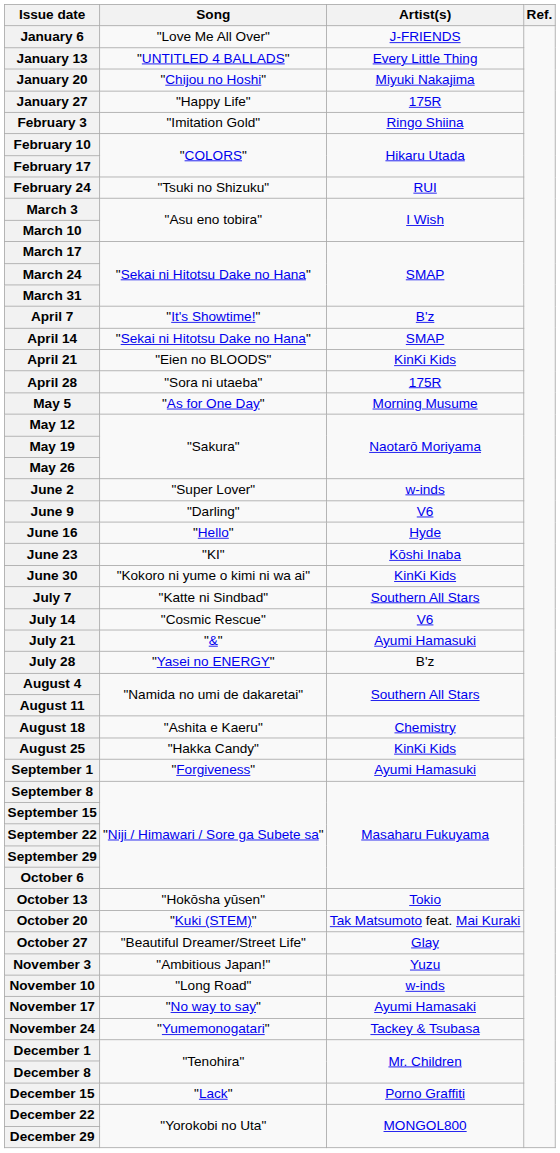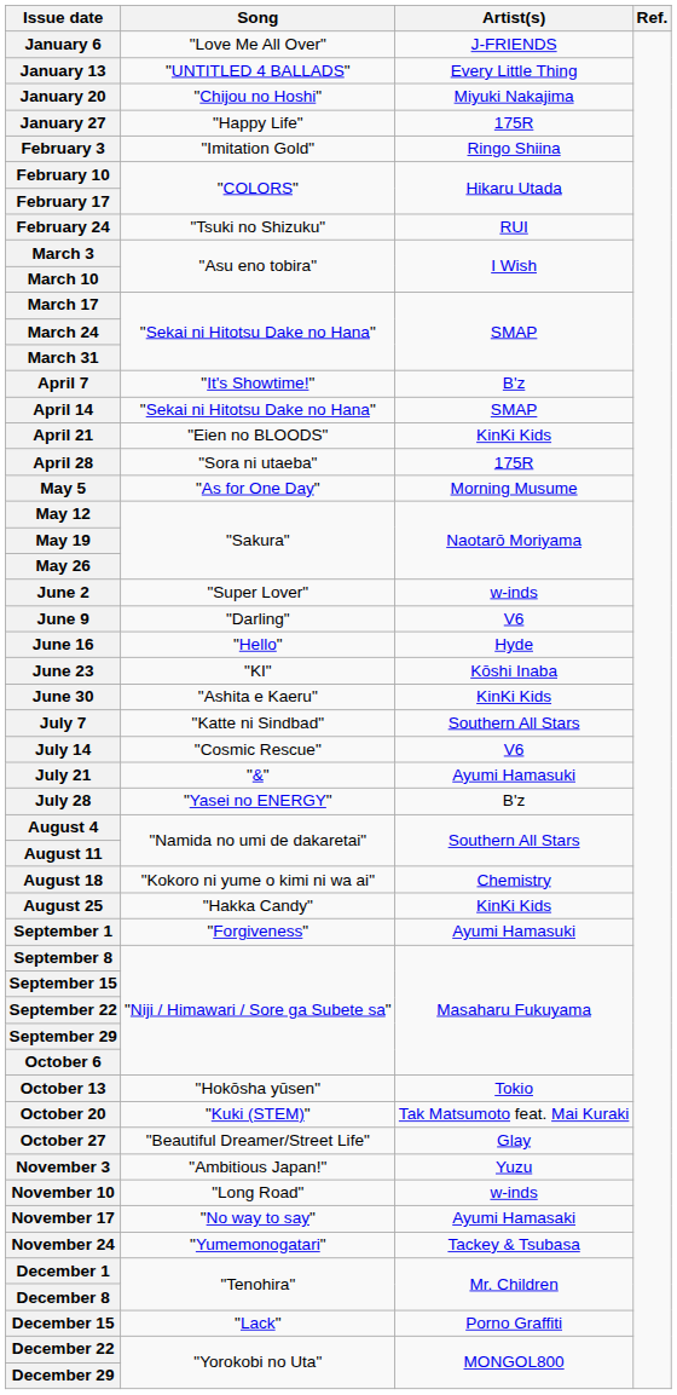 <table class="wikitable plainrowheaders" style="text-align: center">
 <tr>
 <th>Issue date</th>
 <th>Song</th>
 <th>Artist(s)</th>
 <th>Ref.</th>
 </tr>
 <tr>
 <th scope="row">January 6</th>
 <td>"Love Me All Over"</td>
 <td><a href='#'>J-FRIENDS</a></td>
 <td rowspan="53"></td>
 </tr>
 <tr>
 <th scope="row">January 13</th>
 <td>"<a href='#'>UNTITLED 4 BALLADS</a>"</td>
 <td><a href='#'>Every Little Thing</a></td>
 </tr>
 <tr>
 <th scope="row">January 20</th>
 <td>"<a href='#'>Chijou no Hoshi</a>"</td>
 <td><a href='#'>Miyuki Nakajima</a></td>
 </tr>
 <tr>
 <th scope="row">January 27</th>
 <td>"Happy Life"</td>
 <td><a href='#'>175R</a></td>
 </tr>
 <tr>
 <th scope="row">February 3</th>
 <td>"Imitation Gold"</td>
 <td><a href='#'>Ringo Shiina</a></td>
 </tr>
 <tr>
 <th scope="row">February 10</th>
 <td rowspan="2">"<a href='#'>COLORS</a>"</td>
 <td rowspan="2"><a href='#'>Hikaru Utada</a></td>
 </tr>
 <tr>
 <th scope="row">February 17</th>
 </tr>
 <tr>
 <th scope="row">February 24</th>
 <td>"Tsuki no Shizuku"</td>
 <td><a href='#'>RUI</a></td>
 </tr>
 <tr>
 <th scope="row">March 3</th>
 <td rowspan="2">"Asu eno tobira"</td>
 <td rowspan="2"><a href='#'>I Wish</a></td>
 </tr>
 <tr>
 <th scope="row">March 10</th>
 </tr>
 <tr>
 <th scope="row">March 17</th>
 <td rowspan="3">"<a href='#'>Sekai ni Hitotsu Dake no Hana</a>"</td>
 <td rowspan="3"><a href='#'>SMAP</a></td>
 </tr>
 <tr>
 <th scope="row">March 24</th>
 </tr>
 <tr>
 <th scope="row">March 31</th>
 </tr>
 <tr>
 <th scope="row">April 7</th>
 <td>"<a href='#'>It's Showtime!</a>"</td>
 <td><a href='#'>B'z</a></td>
 </tr>
 <tr>
 <th scope="row">April 14</th>
 <td>"<a href='#'>Sekai ni Hitotsu Dake no Hana</a>"</td>
 <td><a href='#'>SMAP</a></td>
 </tr>
 <tr>
 <th scope="row">April 21</th>
 <td>"Eien no BLOODS"</td>
 <td><a href='#'>KinKi Kids</a></td>
 </tr>
 <tr>
 <th scope="row">April 28</th>
 <td>"Sora ni utaeba"</td>
 <td><a href='#'>175R</a></td>
 </tr>
 <tr>
 <th scope="row">May 5</th>
 <td>"<a href='#'>As for One Day</a>"</td>
 <td><a href='#'>Morning Musume</a></td>
 </tr>
 <tr>
 <th scope="row">May 12</th>
 <td rowspan="3">"Sakura"</td>
 <td rowspan="3"><a href='#'>Naotarō Moriyama</a></td>
 </tr>
 <tr>
 <th scope="row">May 19</th>
 </tr>
 <tr>
 <th scope="row">May 26</th>
 </tr>
 <tr>
 <th scope="row">June 2</th>
 <td>"Super Lover"</td>
 <td><a href='#'>w-inds</a></td>
 </tr>
 <tr>
 <th scope="row">June 9</th>
 <td>"Darling"</td>
 <td><a href='#'>V6</a></td>
 </tr>
 <tr>
 <th scope="row">June 16</th>
 <td>"<a href='#'>Hello</a>"</td>
 <td><a href='#'>Hyde</a></td>
 </tr>
 <tr>
 <th scope="row">June 23</th>
 <td>"KI"</td>
 <td><a href='#'>Kōshi Inaba</a></td>
 </tr>
 <tr>
 <th scope="row">June 30</th>
-<td>"Kokoro ni yume o kimi ni wa ai"</td>
+<td>"Ashita e Kaeru"</td>
 <td><a href='#'>KinKi Kids</a></td>
 </tr>
 <tr>
 <th scope="row">July 7</th>
 <td>"Katte ni Sindbad"</td>
 <td><a href='#'>Southern All Stars</a></td>
 </tr>
 <tr>
 <th scope="row">July 14</th>
 <td>"Cosmic Rescue"</td>
 <td><a href='#'>V6</a></td>
 </tr>
 <tr>
 <th scope="row">July 21</th>
 <td>"<a href='#'>&</a>"</td>
 <td><a href='#'>Ayumi Hamasuki</a></td>
 </tr>
 <tr>
 <th scope="row">July 28</th>
 <td>"<a href='#'>Yasei no ENERGY</a>"</td>
 <td>B'z</td>
 </tr>
 <tr>
 <th scope="row">August 4</th>
 <td rowspan="2">"Namida no umi de dakaretai"</td>
 <td rowspan="2"><a href='#'>Southern All Stars</a></td>
 </tr>
 <tr>
 <th scope="row">August 11</th>
 </tr>
 <tr>
 <th scope="row">August 18</th>
-<td>"Ashita e Kaeru"</td>
+<td>"Kokoro ni yume o kimi ni wa ai"</td>
 <td><a href='#'>Chemistry</a></td>
 </tr>
 <tr>
 <th scope="row">August 25</th>
 <td>"Hakka Candy"</td>
 <td><a href='#'>KinKi Kids</a></td>
 </tr>
 <tr>
 <th scope="row">September 1</th>
 <td>"<a href='#'>Forgiveness</a>"</td>
 <td><a href='#'>Ayumi Hamasuki</a></td>
 </tr>
 <tr>
 <th scope="row">September 8</th>
 <td rowspan="5">"<a href='#'>Niji / Himawari / Sore ga Subete sa</a>"</td>
 <td rowspan="5"><a href='#'>Masaharu Fukuyama</a></td>
 </tr>
 <tr>
 <th scope="row">September 15</th>
 </tr>
 <tr>
 <th scope="row">September 22</th>
 </tr>
 <tr>
 <th scope="row">September 29</th>
 </tr>
 <tr>
 <th scope="row">October 6</th>
 </tr>
 <tr>
 <th scope="row">October 13</th>
 <td>"Hokōsha yūsen"</td>
 <td><a href='#'>Tokio</a></td>
 </tr>
 <tr>
 <th scope="row">October 20</th>
 <td>"<a href='#'>Kuki (STEM)</a>"</td>
 <td><a href='#'>Tak Matsumoto</a> feat. <a href='#'>Mai Kuraki</a></td>
 </tr>
 <tr>
 <th scope="row">October 27</th>
 <td>"Beautiful Dreamer/Street Life"</td>
 <td><a href='#'>Glay</a></td>
 </tr>
 <tr>
 <th scope="row">November 3</th>
 <td>"Ambitious Japan!"</td>
 <td><a href='#'>Yuzu</a></td>
 </tr>
 <tr>
 <th scope="row">November 10</th>
 <td>"Long Road"</td>
 <td><a href='#'>w-inds</a></td>
 </tr>
 <tr>
 <th scope="row">November 17</th>
 <td>"<a href='#'>No way to say</a>"</td>
 <td><a href='#'>Ayumi Hamasaki</a></td>
 </tr>
 <tr>
 <th scope="row">November 24</th>
 <td>"<a href='#'>Yumemonogatari</a>"</td>
 <td><a href='#'>Tackey & Tsubasa</a></td>
 </tr>
 <tr>
 <th scope="row">December 1</th>
 <td rowspan="2">"Tenohira"</td>
 <td rowspan="2"><a href='#'>Mr. Children</a></td>
 </tr>
 <tr>
 <th scope="row">December 8</th>
 </tr>
 <tr>
 <th scope="row">December 15</th>
 <td>"<a href='#'>Lack</a>"</td>
 <td><a href='#'>Porno Graffiti</a></td>
 </tr>
 <tr>
 <th scope="row">December 22</th>
 <td rowspan="2">"Yorokobi no Uta"</td>
 <td rowspan="2"><a href='#'>MONGOL800</a></td>
 </tr>
 <tr>
 <th scope="row">December 29</th>
 </tr>
 </table>
